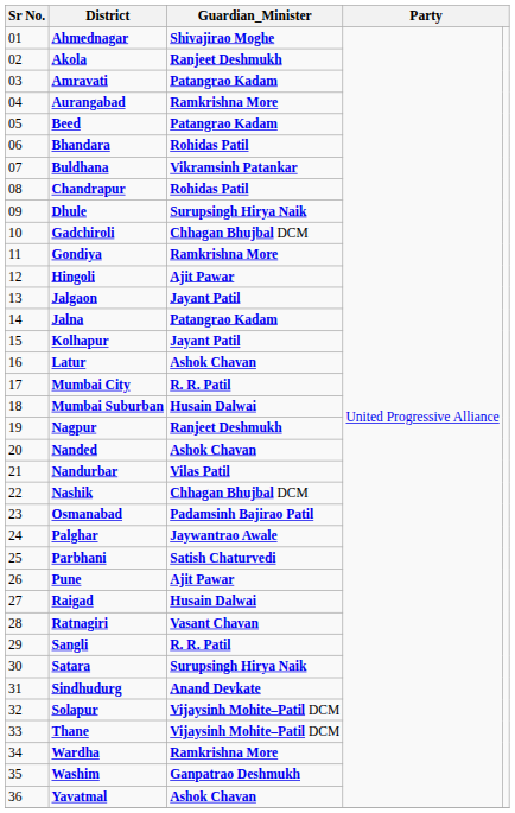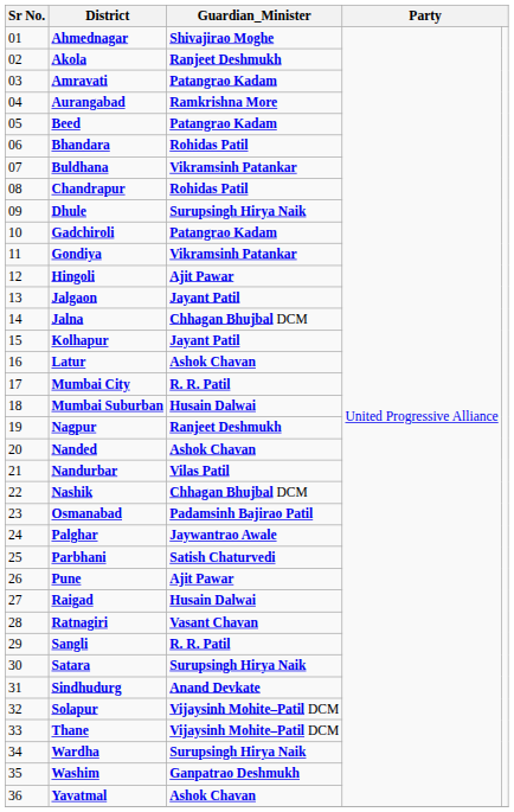 <table class="wikitable">
 <tr>
 <th>Sr No.</th>
 <th>District</th>
 <th>Guardian_Minister</th>
 <th colspan="2" scope="col">Party</th>
 </tr>
 <tr>
 <td>01</td>
 <td><strong><a href='#'>Ahmednagar</a></strong></td>
 <td><strong><a href='#'>Shivajirao Moghe</a></strong></td>
 <td rowspan=36><a href='#'>United Progressive Alliance</a></td>
 <td rowspan=36 style="width:1px; background-color: "></td>
 </tr>
 <tr>
 <td>02</td>
 <td><strong><a href='#'>Akola</a></strong></td>
 <td><strong><a href='#'>Ranjeet Deshmukh</a></strong></td>
 </tr>
 <tr>
 <td>03</td>
 <td><strong><a href='#'>Amravati</a></strong></td>
 <td><strong><a href='#'>Patangrao Kadam</a></strong></td>
 </tr>
 <tr>
 <td>04</td>
 <td><strong><a href='#'>Aurangabad</a></strong></td>
 <td><strong><a href='#'>Ramkrishna More</a></strong></td>
 </tr>
 <tr>
 <td>05</td>
 <td><strong><a href='#'>Beed</a></strong></td>
 <td><strong><a href='#'>Patangrao Kadam</a></strong></td>
 </tr>
 <tr>
 <td>06</td>
 <td><strong><a href='#'>Bhandara</a></strong></td>
 <td><strong><a href='#'>Rohidas Patil</a></strong></td>
 </tr>
 <tr>
 <td>07</td>
 <td><strong><a href='#'>Buldhana</a></strong></td>
 <td><strong><a href='#'>Vikramsinh Patankar</a></strong></td>
 </tr>
 <tr>
 <td>08</td>
 <td><strong><a href='#'>Chandrapur</a></strong></td>
 <td><strong><a href='#'>Rohidas Patil</a></strong></td>
 </tr>
 <tr>
 <td>09</td>
 <td><strong><a href='#'>Dhule</a></strong></td>
 <td><strong><a href='#'>Surupsingh Hirya Naik</a></strong></td>
 </tr>
 <tr>
 <td>10</td>
 <td><strong><a href='#'>Gadchiroli</a></strong></td>
-<td><strong><a href='#'>Chhagan Bhujbal</a></strong> DCM</td>
+<td><strong><a href='#'>Patangrao Kadam</a></strong></td>
 </tr>
 <tr>
 <td>11</td>
 <td><strong><a href='#'>Gondiya</a></strong></td>
-<td><strong><a href='#'>Ramkrishna More</a></strong></td>
+<td><strong><a href='#'>Vikramsinh Patankar</a></strong></td>
 </tr>
 <tr>
 <td>12</td>
 <td><strong><a href='#'>Hingoli</a></strong></td>
 <td><strong><a href='#'>Ajit Pawar</a></strong></td>
 </tr>
 <tr>
 <td>13</td>
 <td><strong><a href='#'>Jalgaon</a></strong></td>
 <td><strong><a href='#'>Jayant Patil</a></strong></td>
 </tr>
 <tr>
 <td>14</td>
 <td><strong><a href='#'>Jalna</a></strong></td>
-<td><strong><a href='#'>Patangrao Kadam</a></strong></td>
+<td><strong><a href='#'>Chhagan Bhujbal</a></strong> DCM</td>
 </tr>
 <tr>
 <td>15</td>
 <td><strong><a href='#'>Kolhapur</a></strong></td>
 <td><strong><a href='#'>Jayant Patil</a></strong></td>
 </tr>
 <tr>
 <td>16</td>
 <td><strong><a href='#'>Latur</a></strong></td>
 <td><strong><a href='#'>Ashok Chavan</a></strong></td>
 </tr>
 <tr>
 <td>17</td>
 <td><strong><a href='#'>Mumbai City</a></strong></td>
 <td><strong><a href='#'>R. R. Patil</a></strong></td>
 </tr>
 <tr>
 <td>18</td>
 <td><strong><a href='#'>Mumbai Suburban</a></strong></td>
 <td><strong><a href='#'>Husain Dalwai</a></strong></td>
 </tr>
 <tr>
 <td>19</td>
 <td><strong><a href='#'>Nagpur</a></strong></td>
 <td><strong><a href='#'>Ranjeet Deshmukh</a></strong></td>
 </tr>
 <tr>
 <td>20</td>
 <td><strong><a href='#'>Nanded</a></strong></td>
 <td><strong><a href='#'>Ashok Chavan</a></strong></td>
 </tr>
 <tr>
 <td>21</td>
 <td><strong><a href='#'>Nandurbar</a></strong></td>
 <td><strong><a href='#'>Vilas Patil</a></strong></td>
 </tr>
 <tr>
 <td>22</td>
 <td><strong><a href='#'>Nashik</a></strong></td>
 <td><strong><a href='#'>Chhagan Bhujbal</a></strong> DCM</td>
 </tr>
 <tr>
 <td>23</td>
 <td><strong><a href='#'>Osmanabad</a></strong></td>
 <td><strong><a href='#'>Padamsinh Bajirao Patil</a></strong></td>
 </tr>
 <tr>
 <td>24</td>
 <td><strong><a href='#'>Palghar</a></strong></td>
 <td><strong><a href='#'>Jaywantrao Awale</a></strong></td>
 </tr>
 <tr>
 <td>25</td>
 <td><strong><a href='#'>Parbhani</a></strong></td>
 <td><strong><a href='#'>Satish Chaturvedi</a></strong></td>
 </tr>
 <tr>
 <td>26</td>
 <td><strong><a href='#'>Pune</a></strong></td>
 <td><strong><a href='#'>Ajit Pawar</a></strong></td>
 </tr>
 <tr>
 <td>27</td>
 <td><strong><a href='#'>Raigad</a></strong></td>
 <td><strong><a href='#'>Husain Dalwai</a></strong></td>
 </tr>
 <tr>
 <td>28</td>
 <td><strong><a href='#'>Ratnagiri</a></strong></td>
 <td><strong><a href='#'>Vasant Chavan</a></strong></td>
 </tr>
 <tr>
 <td>29</td>
 <td><strong><a href='#'>Sangli</a></strong></td>
 <td><strong><a href='#'>R. R. Patil</a></strong></td>
 </tr>
 <tr>
 <td>30</td>
 <td><strong><a href='#'>Satara</a></strong></td>
 <td><strong><a href='#'>Surupsingh Hirya Naik</a></strong></td>
 </tr>
 <tr>
 <td>31</td>
 <td><strong><a href='#'>Sindhudurg</a></strong></td>
 <td><strong><a href='#'>Anand Devkate</a></strong></td>
 </tr>
 <tr>
 <td>32</td>
 <td><strong><a href='#'>Solapur</a></strong></td>
 <td><strong><a href='#'>Vijaysinh Mohite–Patil</a></strong>  DCM</td>
 </tr>
 <tr>
 <td>33</td>
 <td><strong><a href='#'>Thane</a></strong></td>
 <td><strong><a href='#'>Vijaysinh Mohite–Patil</a></strong> DCM</td>
 </tr>
 <tr>
 <td>34</td>
 <td><strong><a href='#'>Wardha</a></strong></td>
-<td><strong><a href='#'>Ramkrishna More</a></strong></td>
+<td><strong><a href='#'>Surupsingh Hirya Naik</a></strong></td>
 </tr>
 <tr>
 <td>35</td>
 <td><strong><a href='#'>Washim</a></strong></td>
 <td><strong><a href='#'>Ganpatrao Deshmukh</a></strong></td>
 </tr>
 <tr>
 <td>36</td>
 <td><strong><a href='#'>Yavatmal</a></strong></td>
 <td><strong><a href='#'>Ashok Chavan</a></strong></td>
 </tr>
 <tr>
 </tr>
 </table>
